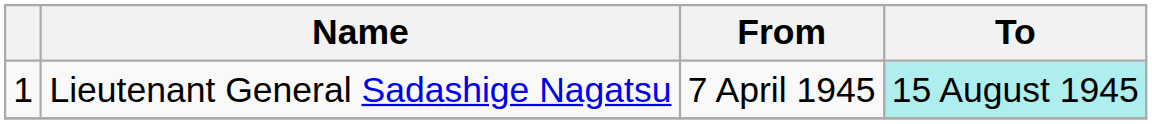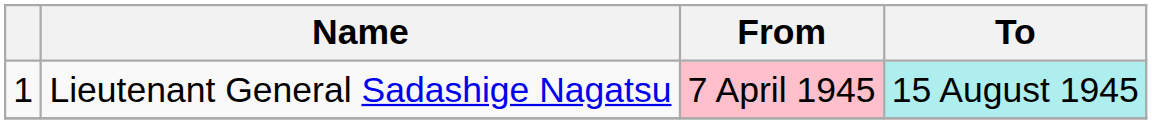 <table class=wikitable>
 <tr>
 <th></th>
 <th>Name</th>
 <th>From</th>
 <th>To</th>
 </tr>
 <tr>
 <td>1</td>
 <td>Lieutenant General <a href='#'>Sadashige Nagatsu</a></td>
-<td>7 April 1945</td>
+<td style="background: pink;">7 April 1945</td>
 <td style="background: paleturquoise;">15 August 1945</td>
 </tr>
 <tr>
 </tr>
 </table>
